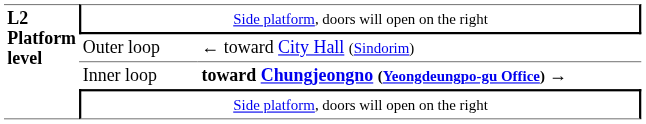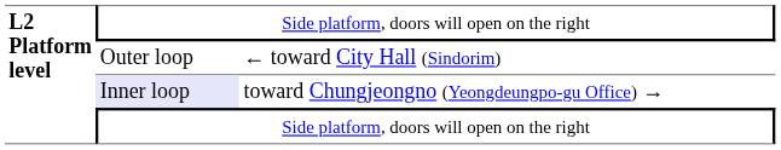 <table table border=0 cellspacing=0 cellpadding=3>
 <tr>
 <td style="border-top:solid 1px gray;border-bottom:solid 1px gray;" width=50 rowspan=10 valign=top><strong>L2<br>Platform level</strong></td>
 <td style="border-top:solid 1px gray;border-right:solid 2px black;border-left:solid 2px black;border-bottom:solid 2px black;text-align:center;" colspan=2><small><a href='#'>Side platform</a>, doors will open on the right </small></td>
 </tr>
 <tr>
 <td style="border-bottom:solid 1px gray;" width=100>Outer loop</td>
 <td style="border-bottom:solid 1px gray;" width=390>←  toward <a href='#'>City Hall</a> <small>(<a href='#'>Sindorim</a>)</small></td>
 </tr>
 <tr>
-<td>Inner loop</td>
-<td><strong>  toward <a href='#'>Chungjeongno</a> <small>(<a href='#'>Yeongdeungpo-gu Office</a>)</small> →</strong></td>
+<td style="background: lavender;">Inner loop</td>
+<td>  toward <a href='#'>Chungjeongno</a> <small>(<a href='#'>Yeongdeungpo-gu Office</a>)</small> →</td>
 </tr>
 <tr>
 <td style="border-top:solid 2px black;border-right:solid 2px black;border-left:solid 2px black;border-bottom:solid 1px gray;text-align:center;" colspan=2><small><a href='#'>Side platform</a>, doors will open on the right </small></td>
 </tr>
 </table>
